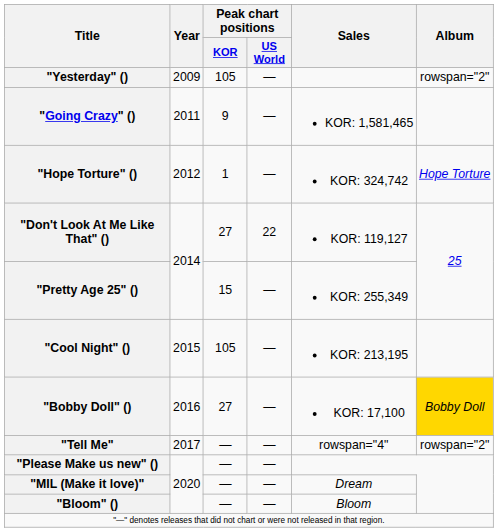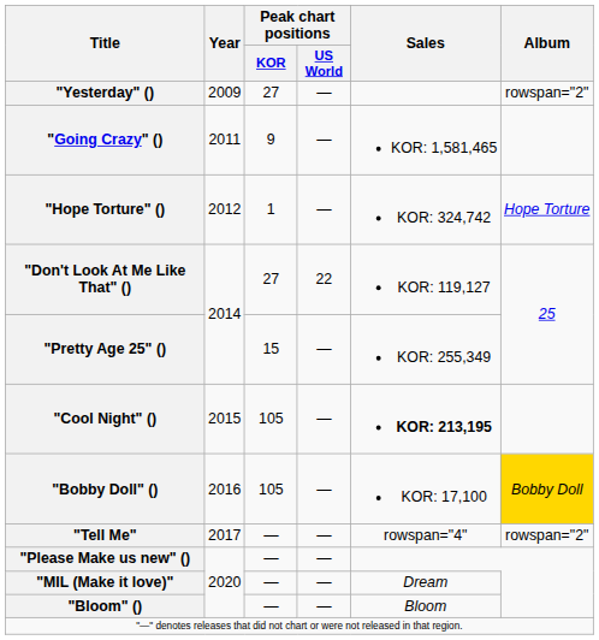 <table class="wikitable plainrowheaders" style="text-align:center">
 <tr>
 <th scope="col" rowspan="2" style="width:13em">Title</th>
 <th scope="col" rowspan="2">Year</th>
 <th scope="col" colspan="2">Peak chart positions</th>
 <th scope="col" rowspan="2">Sales<br></th>
 <th scope="col" rowspan="2">Album</th>
 </tr>
 <tr>
 <th scope="col" style="width:3.5em;font-size:90%"><a href='#'>KOR</a><br></th>
 <th scope="col" style="width:3.5em;font-size:90%"><a href='#'>US<br>World</a><br></th>
 </tr>
 <tr>
 <th scope="row">"Yesterday" ()</th>
 <td>2009</td>
-<td>105</td>
+<td>27</td>
 <td>—</td>
 <td></td>
 <td>rowspan="2" </td>
 </tr>
 <tr>
 <th scope="row">"<a href='#'>Going Crazy</a>" ()</th>
 <td>2011</td>
 <td>9</td>
 <td>—</td>
 <td><br><ul><li>KOR: 1,581,465</li></ul></td>
 </tr>
 <tr>
 <th scope="row">"Hope Torture" ()</th>
 <td>2012</td>
 <td>1</td>
 <td>—</td>
 <td><br><ul><li>KOR: 324,742</li></ul></td>
 <td><em><a href='#'>Hope Torture</a></em></td>
 </tr>
 <tr>
 <th scope="row">"Don't Look At Me Like That" ()</th>
 <td rowspan="2">2014</td>
 <td>27</td>
 <td>22</td>
 <td><br><ul><li>KOR: 119,127</li></ul></td>
 <td rowspan="2"><em><a href='#'>25</a></em></td>
 </tr>
 <tr>
 <th scope="row">"Pretty Age 25" ()</th>
 <td>15</td>
 <td>—</td>
 <td><br><ul><li>KOR: 255,349</li></ul></td>
 </tr>
 <tr>
 <th scope="row">"Cool Night" ()</th>
 <td>2015</td>
 <td>105</td>
 <td>—</td>
-<td><br><ul><li>KOR: 213,195</li></ul></td>
+<td><strong><br><ul><li>KOR: 213,195</li></ul></strong></td>
 <td></td>
 </tr>
 <tr>
 <th scope="row">"Bobby Doll" ()</th>
 <td>2016</td>
-<td>27</td>
+<td>105</td>
 <td>—</td>
 <td><br><ul><li>KOR: 17,100</li></ul></td>
 <td style="background: gold;"><em>Bobby Doll</em></td>
 </tr>
 <tr>
 <th scope="row">"Tell Me"</th>
 <td>2017</td>
 <td>—</td>
 <td>—</td>
 <td>rowspan="4" </td>
 <td>rowspan="2" </td>
 </tr>
 <tr>
 <th scope="row">"Please Make us new" ()</th>
 <td rowspan="3">2020</td>
 <td>—</td>
 <td>—</td>
 </tr>
 <tr>
 <th scope="row">"MIL (Make it love)"</th>
 <td>—</td>
 <td>—</td>
 <td><em>Dream</em></td>
 </tr>
 <tr>
 <th scope="row">"Bloom" ()</th>
 <td>—</td>
 <td>—</td>
 <td><em>Bloom</em></td>
 </tr>
 <tr>
 <td colspan="7" style="font-size:8pt">"—" denotes releases that did not chart or were not released in that region.</td>
 </tr>
 </table>
